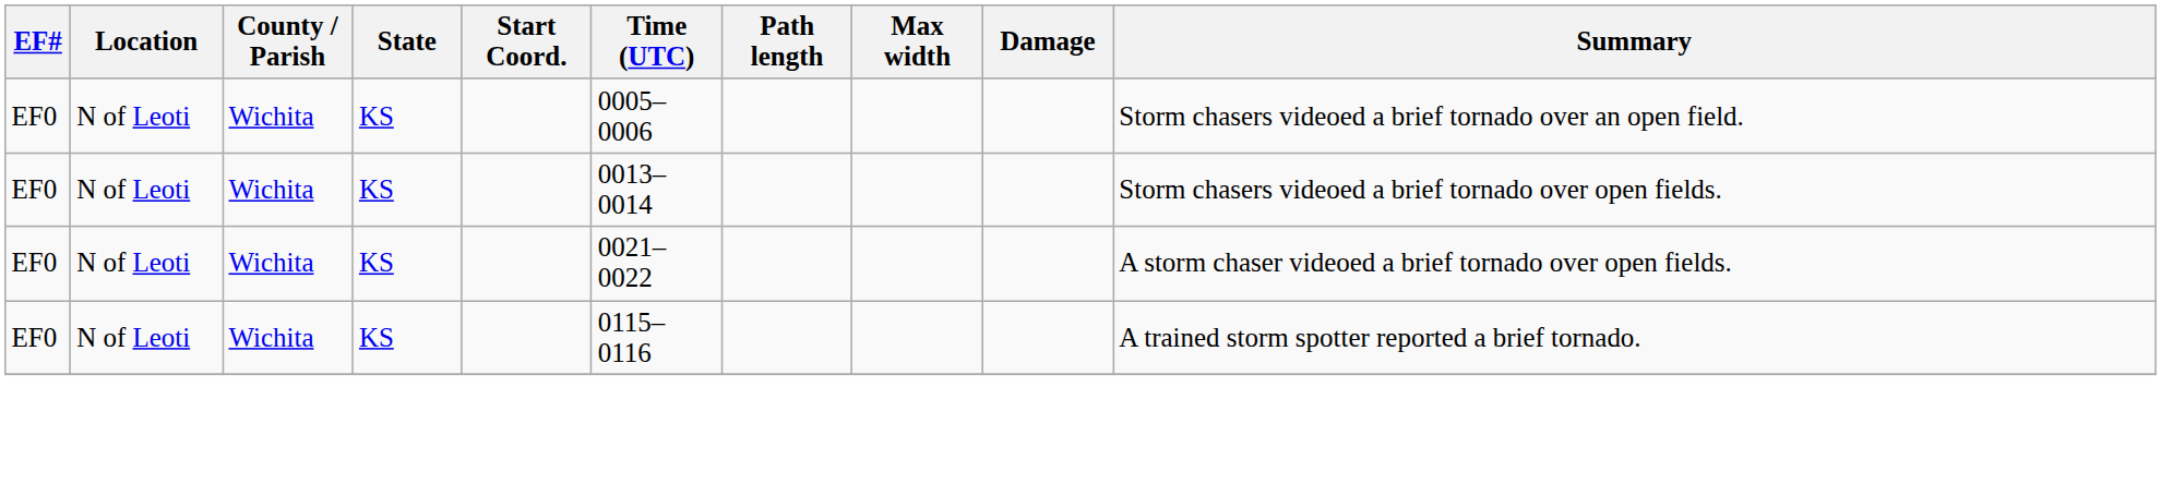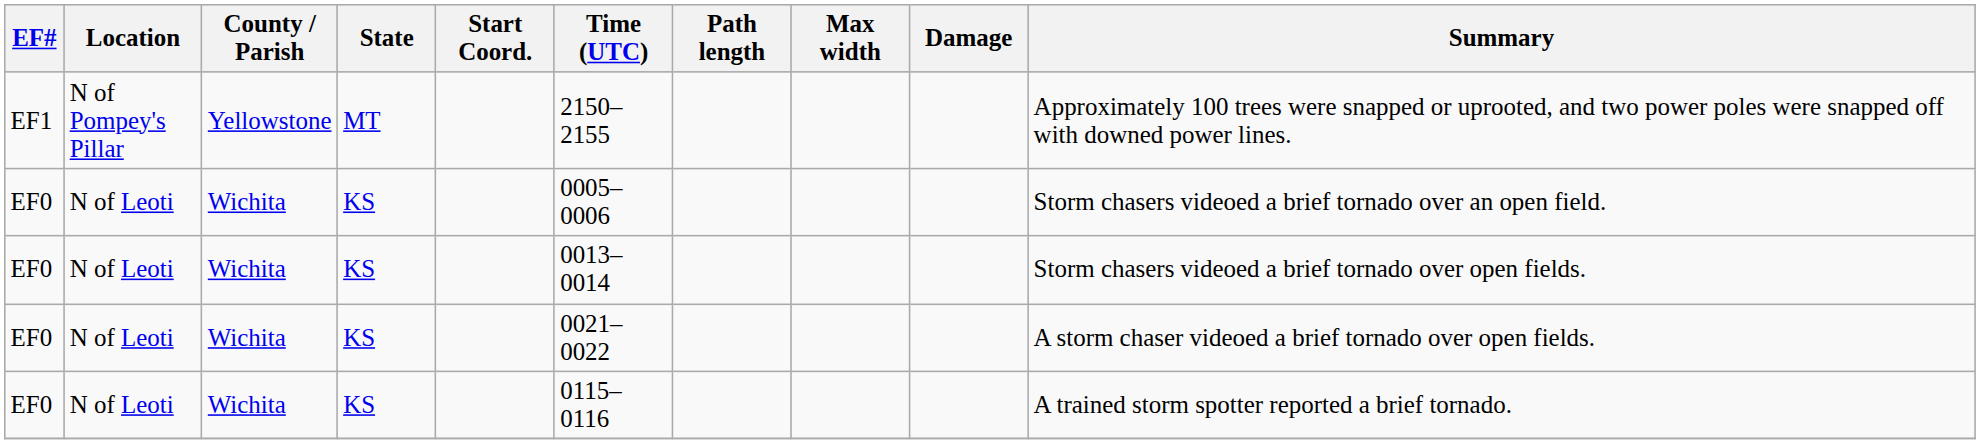 <table class="wikitable sortable" style="width:100%;">
 <tr>
 <th scope="col" width="3%" align="center"><a href='#'>EF#</a></th>
 <th scope="col" width="7%" align="center" class="unsortable">Location</th>
 <th scope="col" width="6%" align="center" class="unsortable">County / Parish</th>
 <th scope="col" width="5%" align="center">State</th>
 <th scope="col" width="6%" align="center">Start Coord.</th>
 <th scope="col" width="6%" align="center">Time (<a href='#'>UTC</a>)</th>
 <th scope="col" width="6%" align="center">Path length</th>
 <th scope="col" width="6%" align="center">Max width</th>
 <th scope="col" width="6%" align="center">Damage</th>
 <th scope="col" width="48%" class="unsortable" align="center">Summary</th>
+</tr>
+<tr>
+<td>EF1</td>
+<td>N of <a href='#'>Pompey's Pillar</a></td>
+<td><a href='#'>Yellowstone</a></td>
+<td><a href='#'>MT</a></td>
+<td></td>
+<td>2150–2155</td>
+<td></td>
+<td></td>
+<td></td>
+<td>Approximately 100 trees were snapped or uprooted, and two power poles were snapped off with downed power lines.</td>
 </tr>
 <tr>
 <td>EF0</td>
 <td>N of <a href='#'>Leoti</a></td>
 <td><a href='#'>Wichita</a></td>
 <td><a href='#'>KS</a></td>
 <td></td>
 <td>0005–0006</td>
 <td></td>
 <td></td>
 <td></td>
 <td>Storm chasers videoed a brief tornado over an open field.</td>
 </tr>
 <tr>
 <td>EF0</td>
 <td>N of <a href='#'>Leoti</a></td>
 <td><a href='#'>Wichita</a></td>
 <td><a href='#'>KS</a></td>
 <td></td>
 <td>0013–0014</td>
 <td></td>
 <td></td>
 <td></td>
 <td>Storm chasers videoed a brief tornado over open fields.</td>
 </tr>
 <tr>
 <td>EF0</td>
 <td>N of <a href='#'>Leoti</a></td>
 <td><a href='#'>Wichita</a></td>
 <td><a href='#'>KS</a></td>
 <td></td>
 <td>0021–0022</td>
 <td></td>
 <td></td>
 <td></td>
 <td>A storm chaser videoed a brief tornado over open fields.</td>
 </tr>
 <tr>
 <td>EF0</td>
 <td>N of <a href='#'>Leoti</a></td>
 <td><a href='#'>Wichita</a></td>
 <td><a href='#'>KS</a></td>
 <td></td>
 <td>0115–0116</td>
 <td></td>
 <td></td>
 <td></td>
 <td>A trained storm spotter reported a brief tornado.</td>
 </tr>
 <tr>
 </tr>
 </table>
